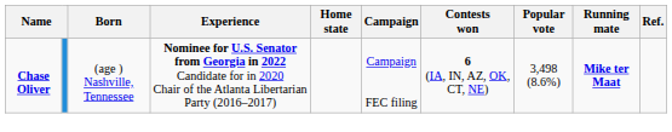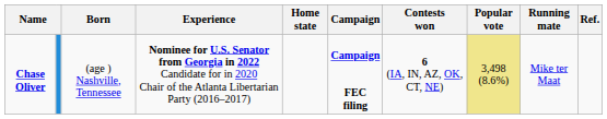 <table class="wikitable sortable" style="text-align:center;">
 <tr>
 <th scope="col" colspan=2>Name</th>
 <th scope="col">Born</th>
 <th scope="col" class="unsortable">Experience</th>
 <th scope="col">Home state</th>
 <th scope="col">Campaign <br> </th>
 <th scope="col">Contests<br>won</th>
 <th scope="col">Popular<br>vote</th>
 <th scope="col">Running<br>mate</th>
 <th scope="col">Ref.</th>
 </tr>
 <tr>
 <td scope="row" data-sort-value="Chase, Oliver"><br><strong><a href='#'>Chase Oliver</a></strong></td>
 <td style="background:#218DDA;"></td>
 <td><br> (age )<br><a href='#'>Nashville, Tennessee</a></td>
 <td><strong>Nominee for <a href='#'>U.S. Senator</a> from <a href='#'>Georgia</a> in <a href='#'>2022</a></strong><br>Candidate for  in <a href='#'>2020</a><br>Chair of the Atlanta Libertarian Party (2016–2017)</td>
 <td></td>
-<td><br><a href='#'>Campaign</a><br><br><br>FEC filing</td>
+<td><strong><br><a href='#'>Campaign</a><br><br><br>FEC filing</strong></td>
 <td><strong>6</strong><br>(<a href='#'>IA</a>, IN, AZ, <a href='#'>OK</a>, CT, <a href='#'>NE</a>)</td>
-<td>3,498 (8.6%)</td>
-<td><strong><a href='#'>Mike ter Maat</a></strong></td>
+<td style="background: khaki;">3,498 (8.6%)</td>
+<td><a href='#'>Mike ter Maat</a></td>
 <td></td>
 </tr>
 </table>
